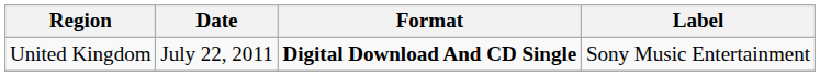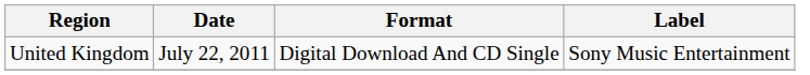 <table class=wikitable>
 <tr>
 <th>Region</th>
 <th>Date</th>
 <th>Format</th>
 <th>Label</th>
 </tr>
 <tr>
 <td>United Kingdom</td>
 <td>July 22, 2011</td>
-<td><strong>Digital Download And CD Single</strong></td>
+<td>Digital Download And CD Single</td>
 <td>Sony Music Entertainment</td>
 </tr>
 <tr>
 </tr>
 </table>
